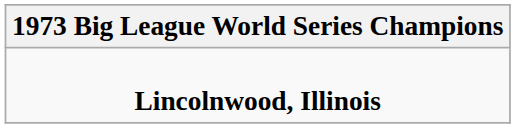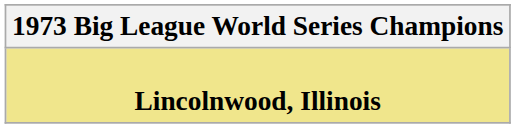 <table class="wikitable" style="text-align: center; margin: 0 auto;">
 <tr>
 <th>1973 Big League World Series Champions</th>
 </tr>
 <tr>
-<td><br><strong>Lincolnwood, Illinois</strong></td>
+<td style="background: khaki;"><br><strong>Lincolnwood, Illinois</strong></td>
 </tr>
 </table>
